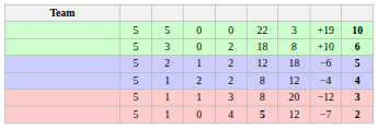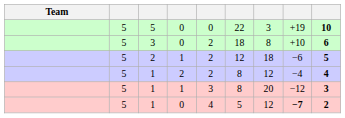 <table class="wikitable" style="text-align:center;">
 <tr>
 <th width=165>Team</th>
 <th width=40></th>
 <th width=40></th>
 <th width=40></th>
 <th width=40></th>
 <th width=40></th>
 <th width=40></th>
 <th width=40></th>
 <th width=40></th>
 </tr>
 <tr bgcolor=ccffcc>
 <td style="text-align:left;"></td>
 <td>5</td>
 <td>5</td>
 <td>0</td>
 <td>0</td>
 <td>22</td>
 <td>3</td>
 <td>+19</td>
 <td><strong>10</strong></td>
 </tr>
 <tr bgcolor=ccffcc>
 <td style="text-align:left;"></td>
 <td>5</td>
 <td>3</td>
 <td>0</td>
 <td>2</td>
 <td>18</td>
 <td>8</td>
 <td>+10</td>
 <td><strong>6</strong></td>
 </tr>
 <tr bgcolor=ccccff>
 <td style="text-align:left;"></td>
 <td>5</td>
 <td>2</td>
 <td>1</td>
 <td>2</td>
 <td>12</td>
 <td>18</td>
 <td>−6</td>
 <td><strong>5</strong></td>
 </tr>
 <tr bgcolor=ccccff>
 <td style="text-align:left;"></td>
 <td>5</td>
 <td>1</td>
 <td>2</td>
 <td>2</td>
 <td>8</td>
 <td>12</td>
 <td>−4</td>
 <td><strong>4</strong></td>
 </tr>
 <tr bgcolor=ffcccc>
 <td style="text-align:left;"></td>
 <td>5</td>
 <td>1</td>
 <td>1</td>
 <td>3</td>
 <td>8</td>
 <td>20</td>
 <td>−12</td>
 <td><strong>3</strong></td>
 </tr>
 <tr bgcolor=ffcccc>
 <td style="text-align:left;"></td>
 <td>5</td>
 <td>1</td>
 <td>0</td>
 <td>4</td>
-<td><strong>5</strong></td>
+<td>5</td>
 <td>12</td>
-<td>−7</td>
+<td><strong>−7</strong></td>
 <td><strong>2</strong></td>
 </tr>
 </table>
